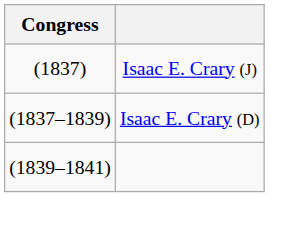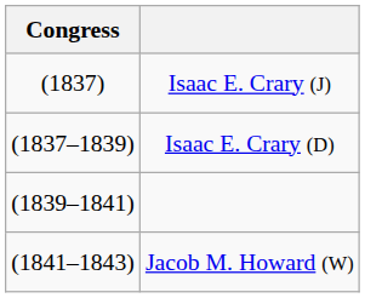 <table class=wikitable style="text-align:center">
 <tr style="height:2em">
 <th>Cong­ress</th>
 <th></th>
 </tr>
 <tr style="height:2.5em">
 <td><strong></strong> (1837)</td>
 <td><a href='#'>Isaac E. Crary</a> <small>(J)</small></td>
 </tr>
 <tr style="height:2.5em">
 <td><strong></strong> (1837–1839)</td>
 <td><a href='#'>Isaac E. Crary</a> <small>(D)</small></td>
 </tr>
 <tr style="height:2.5em">
 <td><strong></strong> (1839–1841)</td>
 </tr>
+<tr style="height:2.5em">
+<td><strong></strong> (1841–1843)</td>
+<td><a href='#'>Jacob M. Howard</a> <small>(W)</small></td>
+</tr>
 </table>
